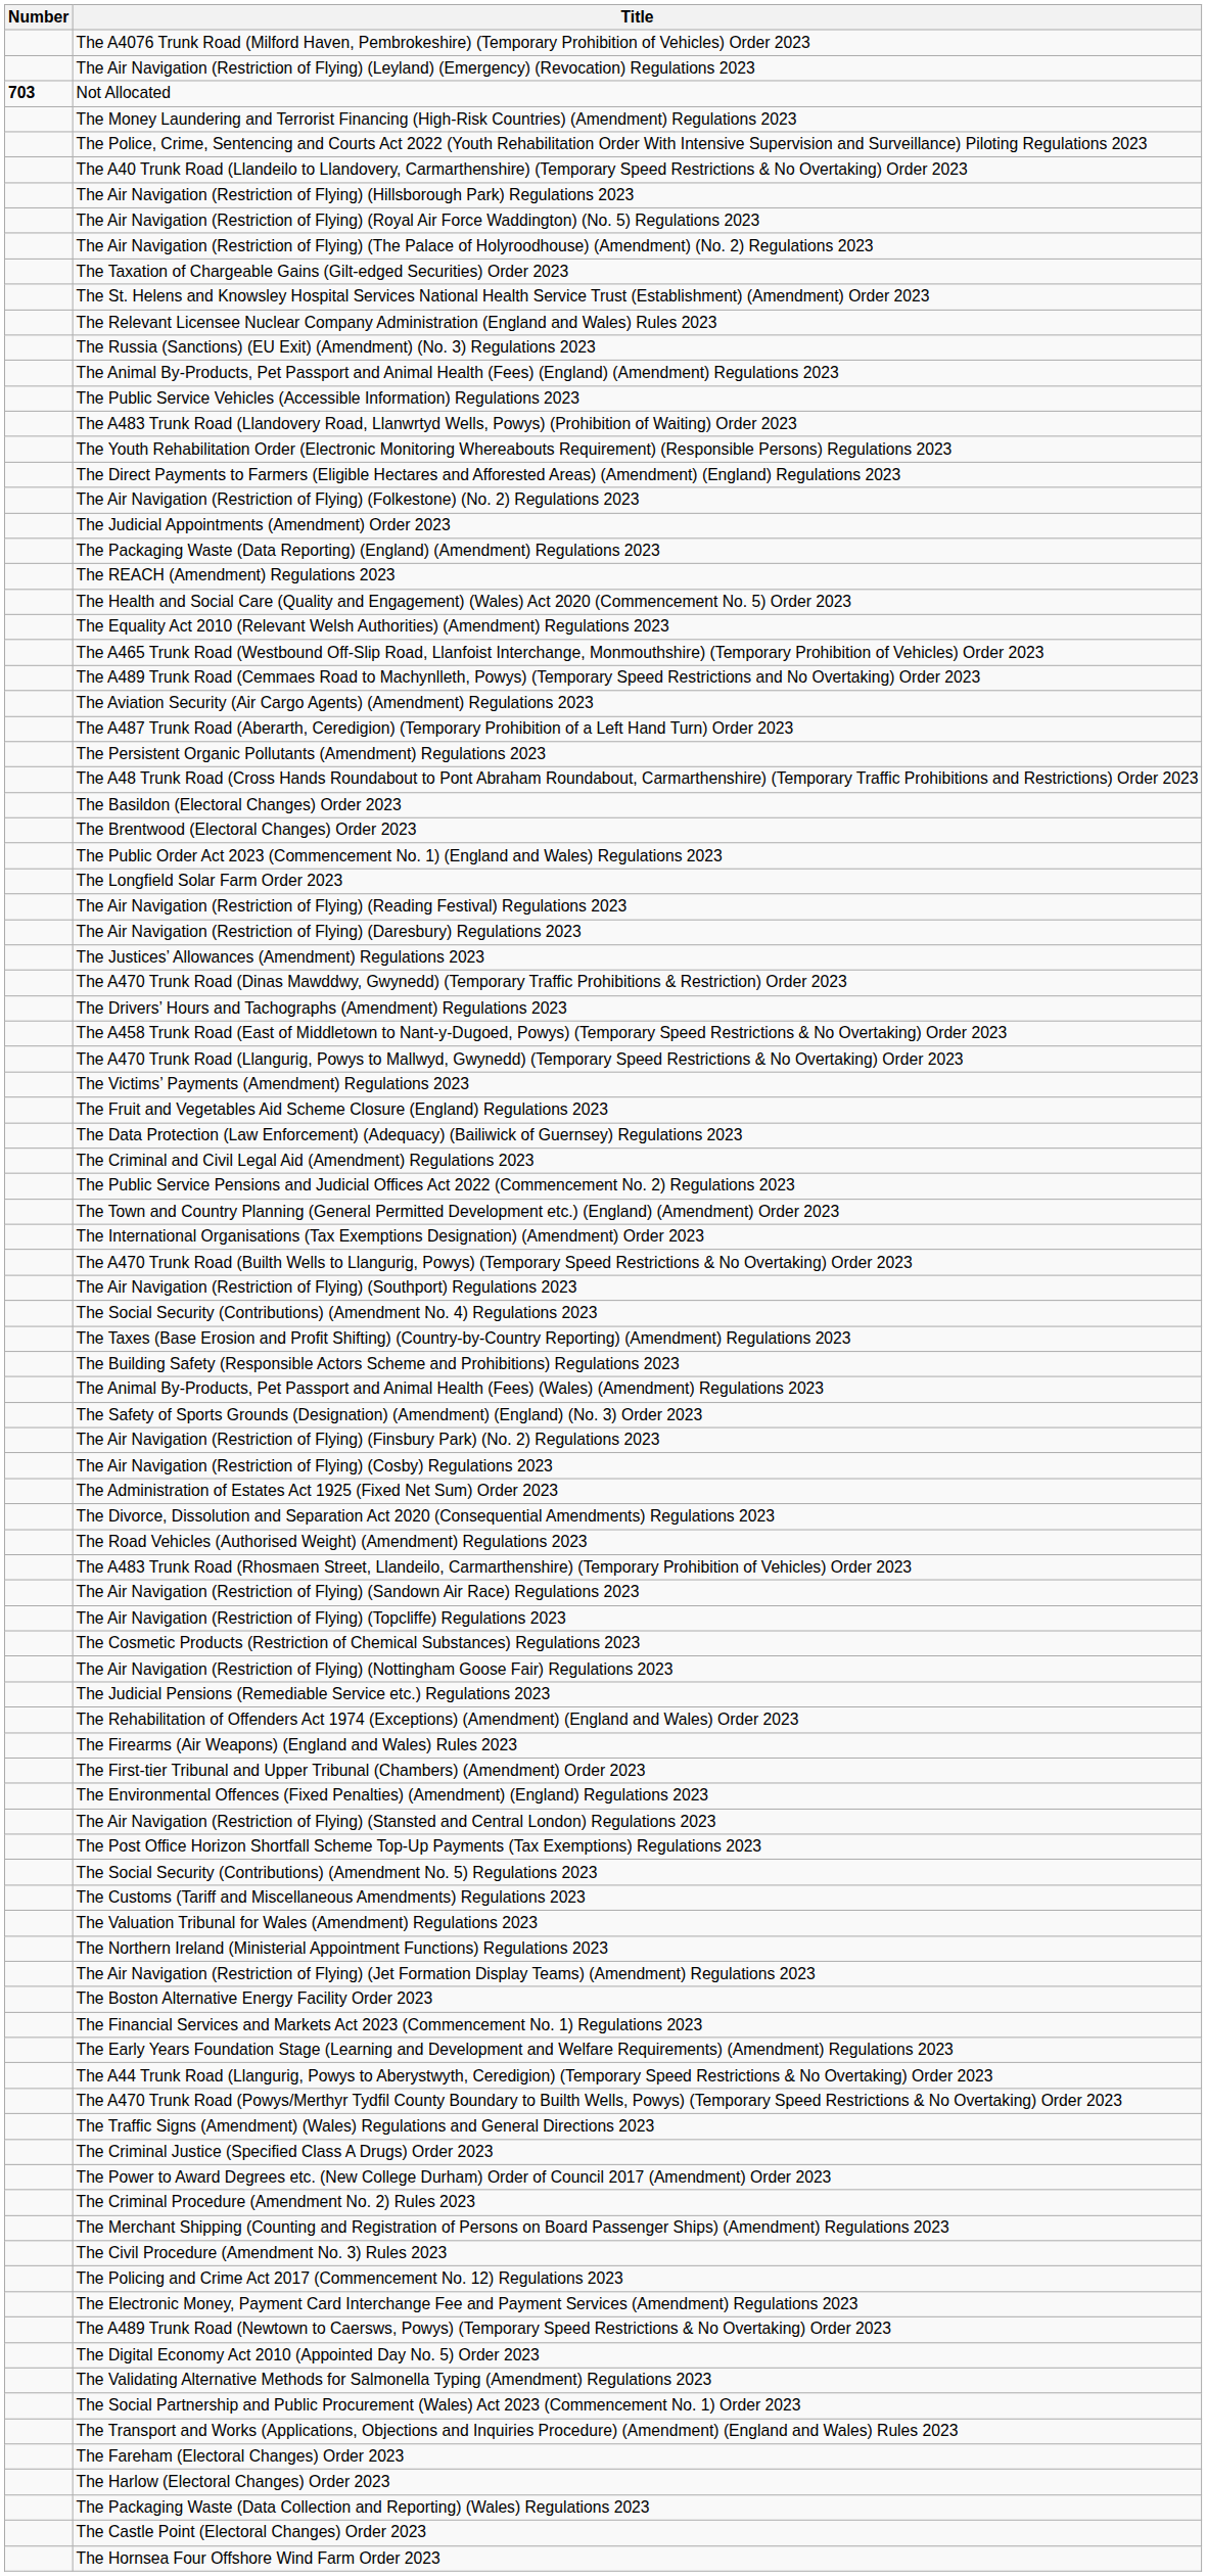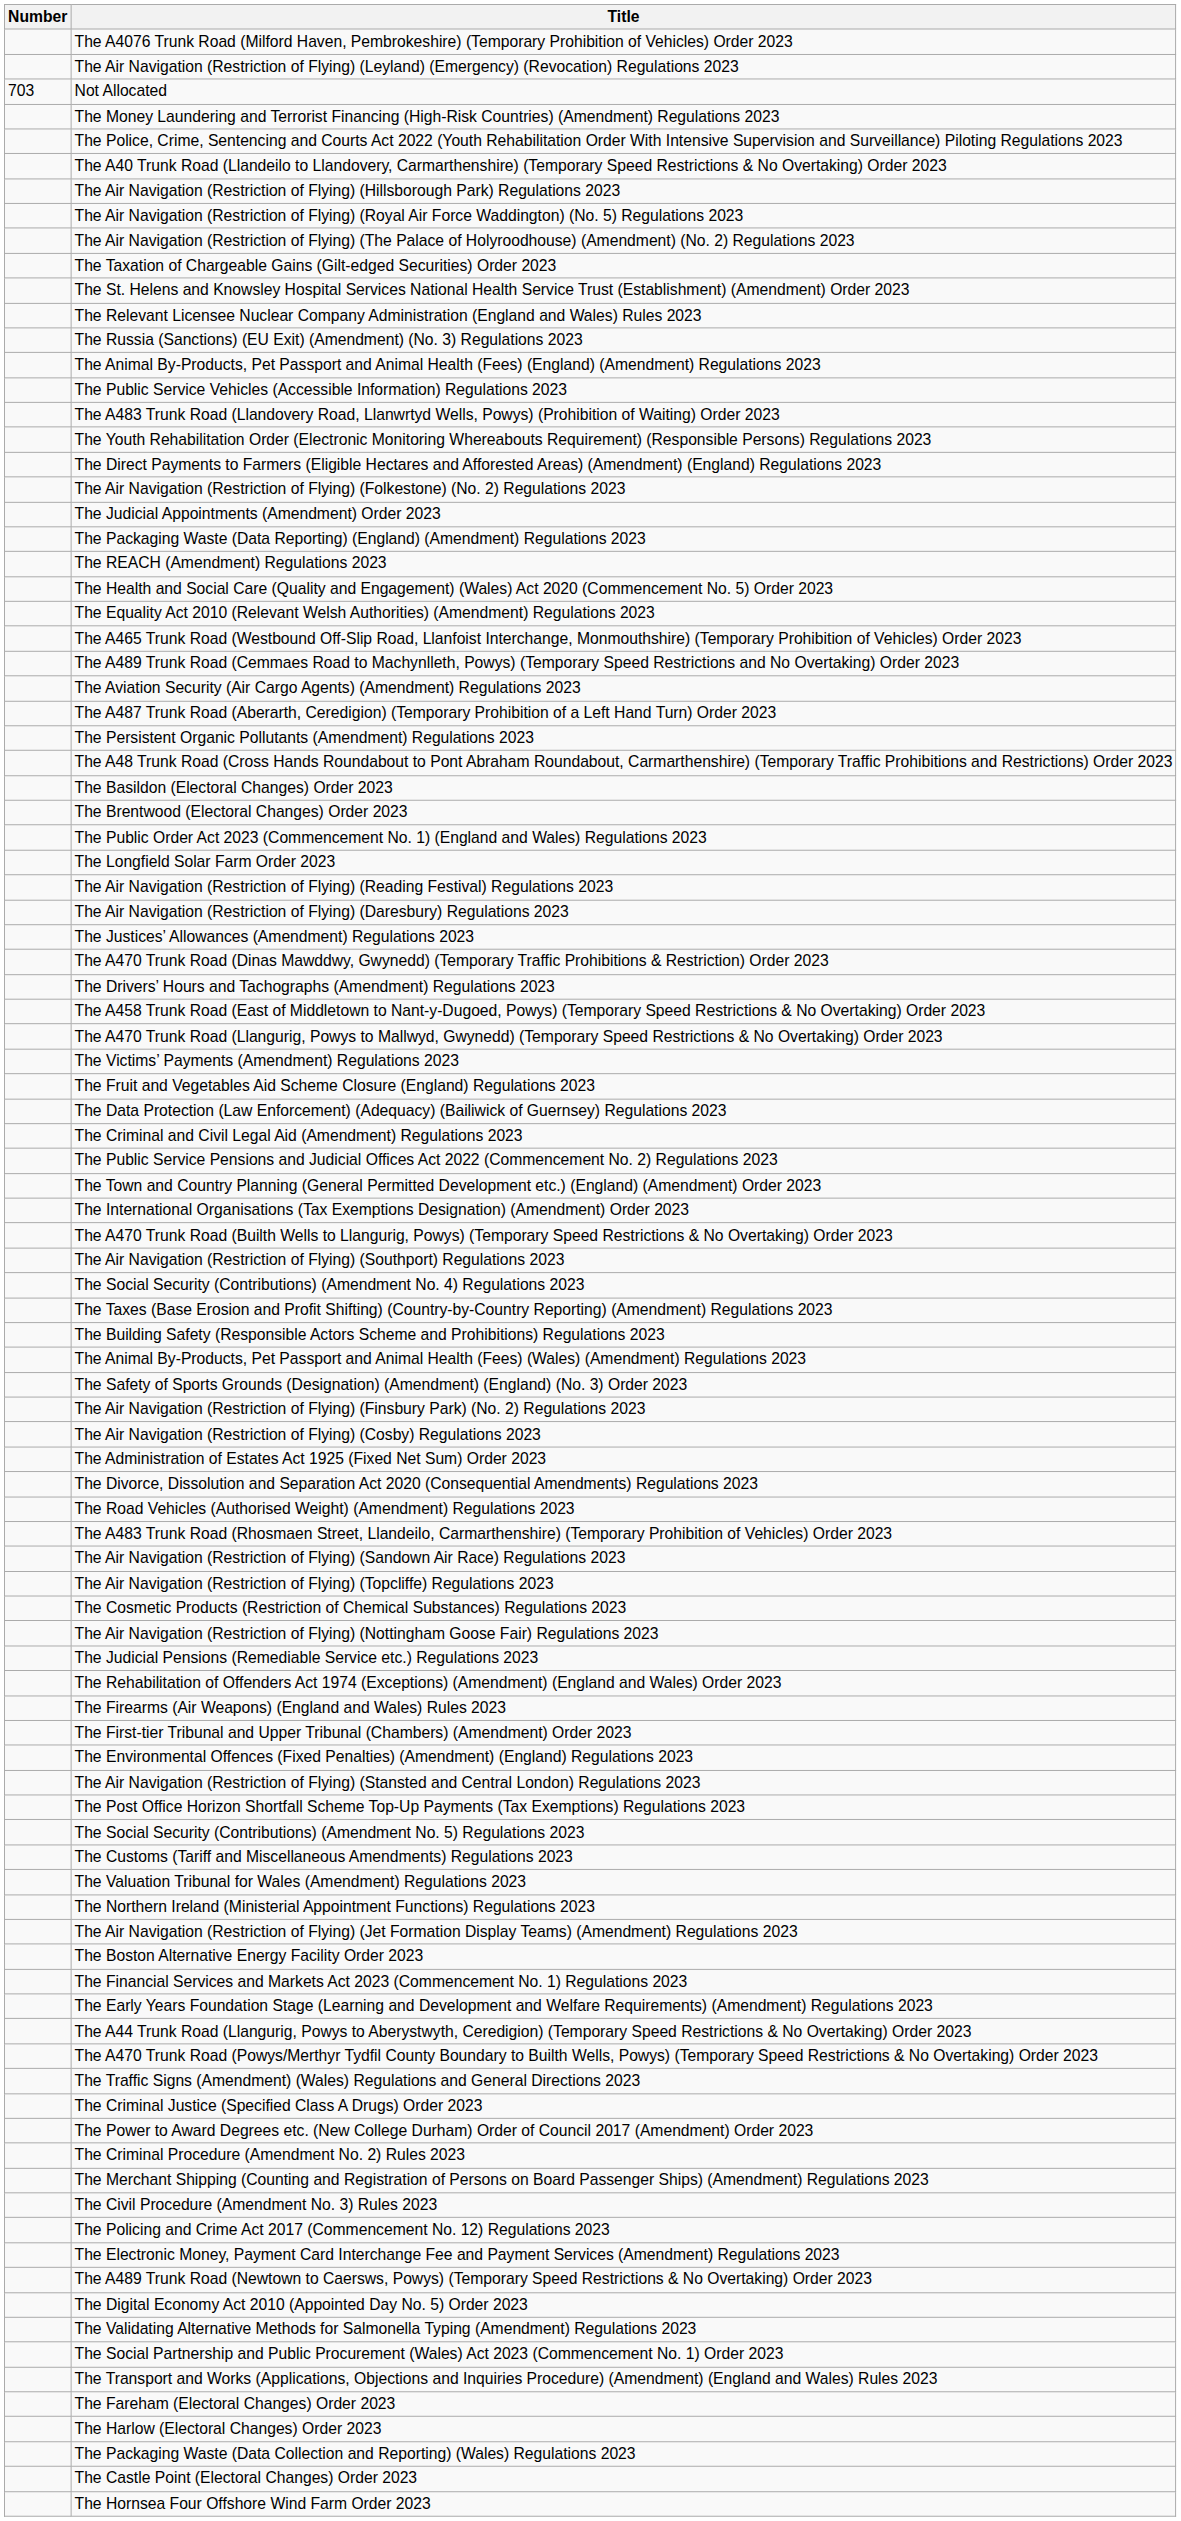 <table class="wikitable collapsible">
 <tr>
 <th>Number</th>
 <th>Title</th>
 </tr>
 <tr>
 <td></td>
 <td>The A4076 Trunk Road (Milford Haven, Pembrokeshire) (Temporary Prohibition of Vehicles) Order 2023</td>
 </tr>
 <tr>
 <td></td>
 <td>The Air Navigation (Restriction of Flying) (Leyland) (Emergency) (Revocation) Regulations 2023</td>
 </tr>
 <tr>
-<td><strong>703</strong></td>
+<td>703</td>
 <td>Not Allocated</td>
 </tr>
 <tr>
 <td></td>
 <td>The Money Laundering and Terrorist Financing (High-Risk Countries) (Amendment) Regulations 2023</td>
 </tr>
 <tr>
 <td></td>
 <td>The Police, Crime, Sentencing and Courts Act 2022 (Youth Rehabilitation Order With Intensive Supervision and Surveillance) Piloting Regulations 2023</td>
 </tr>
 <tr>
 <td></td>
 <td>The A40 Trunk Road (Llandeilo to Llandovery, Carmarthenshire) (Temporary Speed Restrictions & No Overtaking) Order 2023</td>
 </tr>
 <tr>
 <td></td>
 <td>The Air Navigation (Restriction of Flying) (Hillsborough Park) Regulations 2023</td>
 </tr>
 <tr>
 <td></td>
 <td>The Air Navigation (Restriction of Flying) (Royal Air Force Waddington) (No. 5) Regulations 2023</td>
 </tr>
 <tr>
 <td></td>
 <td>The Air Navigation (Restriction of Flying) (The Palace of Holyroodhouse) (Amendment) (No. 2) Regulations 2023</td>
 </tr>
 <tr>
 <td></td>
 <td>The Taxation of Chargeable Gains (Gilt-edged Securities) Order 2023</td>
 </tr>
 <tr>
 <td></td>
 <td>The St. Helens and Knowsley Hospital Services National Health Service Trust (Establishment) (Amendment) Order 2023</td>
 </tr>
 <tr>
 <td></td>
 <td>The Relevant Licensee Nuclear Company Administration (England and Wales) Rules 2023</td>
 </tr>
 <tr>
 <td></td>
 <td>The Russia (Sanctions) (EU Exit) (Amendment) (No. 3) Regulations 2023</td>
 </tr>
 <tr>
 <td></td>
 <td>The Animal By-Products, Pet Passport and Animal Health (Fees) (England) (Amendment) Regulations 2023</td>
 </tr>
 <tr>
 <td></td>
 <td>The Public Service Vehicles (Accessible Information) Regulations 2023</td>
 </tr>
 <tr>
 <td></td>
 <td>The A483 Trunk Road (Llandovery Road, Llanwrtyd Wells, Powys) (Prohibition of Waiting) Order 2023</td>
 </tr>
 <tr>
 <td></td>
 <td>The Youth Rehabilitation Order (Electronic Monitoring Whereabouts Requirement) (Responsible Persons) Regulations 2023</td>
 </tr>
 <tr>
 <td></td>
 <td>The Direct Payments to Farmers (Eligible Hectares and Afforested Areas) (Amendment) (England) Regulations 2023</td>
 </tr>
 <tr>
 <td></td>
 <td>The Air Navigation (Restriction of Flying) (Folkestone) (No. 2) Regulations 2023</td>
 </tr>
 <tr>
 <td></td>
 <td>The Judicial Appointments (Amendment) Order 2023</td>
 </tr>
 <tr>
 <td></td>
 <td>The Packaging Waste (Data Reporting) (England) (Amendment) Regulations 2023</td>
 </tr>
 <tr>
 <td></td>
 <td>The REACH (Amendment) Regulations 2023</td>
 </tr>
 <tr>
 <td></td>
 <td>The Health and Social Care (Quality and Engagement) (Wales) Act 2020 (Commencement No. 5) Order 2023</td>
 </tr>
 <tr>
 <td></td>
 <td>The Equality Act 2010 (Relevant Welsh Authorities) (Amendment) Regulations 2023</td>
 </tr>
 <tr>
 <td></td>
 <td>The A465 Trunk Road (Westbound Off-Slip Road, Llanfoist Interchange, Monmouthshire) (Temporary Prohibition of Vehicles) Order 2023</td>
 </tr>
 <tr>
 <td></td>
 <td>The A489 Trunk Road (Cemmaes Road to Machynlleth, Powys) (Temporary Speed Restrictions and No Overtaking) Order 2023</td>
 </tr>
 <tr>
 <td></td>
 <td>The Aviation Security (Air Cargo Agents) (Amendment) Regulations 2023</td>
 </tr>
 <tr>
 <td></td>
 <td>The A487 Trunk Road (Aberarth, Ceredigion) (Temporary Prohibition of a Left Hand Turn) Order 2023</td>
 </tr>
 <tr>
 <td></td>
 <td>The Persistent Organic Pollutants (Amendment) Regulations 2023</td>
 </tr>
 <tr>
 <td></td>
 <td>The A48 Trunk Road (Cross Hands Roundabout to Pont Abraham Roundabout, Carmarthenshire) (Temporary Traffic Prohibitions and Restrictions) Order 2023</td>
 </tr>
 <tr>
 <td></td>
 <td>The Basildon (Electoral Changes) Order 2023</td>
 </tr>
 <tr>
 <td></td>
 <td>The Brentwood (Electoral Changes) Order 2023</td>
 </tr>
 <tr>
 <td></td>
 <td>The Public Order Act 2023 (Commencement No. 1) (England and Wales) Regulations 2023</td>
 </tr>
 <tr>
 <td></td>
 <td>The Longfield Solar Farm Order 2023</td>
 </tr>
 <tr>
 <td></td>
 <td>The Air Navigation (Restriction of Flying) (Reading Festival) Regulations 2023</td>
 </tr>
 <tr>
 <td></td>
 <td>The Air Navigation (Restriction of Flying) (Daresbury) Regulations 2023</td>
 </tr>
 <tr>
 <td></td>
 <td>The Justices’ Allowances (Amendment) Regulations 2023</td>
 </tr>
 <tr>
 <td></td>
 <td>The A470 Trunk Road (Dinas Mawddwy, Gwynedd) (Temporary Traffic Prohibitions & Restriction) Order 2023</td>
 </tr>
 <tr>
 <td></td>
 <td>The Drivers’ Hours and Tachographs (Amendment) Regulations 2023</td>
 </tr>
 <tr>
 <td></td>
 <td>The A458 Trunk Road (East of Middletown to Nant-y-Dugoed, Powys) (Temporary Speed Restrictions & No Overtaking) Order 2023</td>
 </tr>
 <tr>
 <td></td>
 <td>The A470 Trunk Road (Llangurig, Powys to Mallwyd, Gwynedd) (Temporary Speed Restrictions & No Overtaking) Order 2023</td>
 </tr>
 <tr>
 <td></td>
 <td>The Victims’ Payments (Amendment) Regulations 2023</td>
 </tr>
 <tr>
 <td></td>
 <td>The Fruit and Vegetables Aid Scheme Closure (England) Regulations 2023</td>
 </tr>
 <tr>
 <td></td>
 <td>The Data Protection (Law Enforcement) (Adequacy) (Bailiwick of Guernsey) Regulations 2023</td>
 </tr>
 <tr>
 <td></td>
 <td>The Criminal and Civil Legal Aid (Amendment) Regulations 2023</td>
 </tr>
 <tr>
 <td></td>
 <td>The Public Service Pensions and Judicial Offices Act 2022 (Commencement No. 2) Regulations 2023</td>
 </tr>
 <tr>
 <td></td>
 <td>The Town and Country Planning (General Permitted Development etc.) (England) (Amendment) Order 2023</td>
 </tr>
 <tr>
 <td></td>
 <td>The International Organisations (Tax Exemptions Designation) (Amendment) Order 2023</td>
 </tr>
 <tr>
 <td></td>
 <td>The A470 Trunk Road (Builth Wells to Llangurig, Powys) (Temporary Speed Restrictions & No Overtaking) Order 2023</td>
 </tr>
 <tr>
 <td></td>
 <td>The Air Navigation (Restriction of Flying) (Southport) Regulations 2023</td>
 </tr>
 <tr>
 <td></td>
 <td>The Social Security (Contributions) (Amendment No. 4) Regulations 2023</td>
 </tr>
 <tr>
 <td></td>
 <td>The Taxes (Base Erosion and Profit Shifting) (Country-by-Country Reporting) (Amendment) Regulations 2023</td>
 </tr>
 <tr>
 <td></td>
 <td>The Building Safety (Responsible Actors Scheme and Prohibitions) Regulations 2023</td>
 </tr>
 <tr>
 <td></td>
 <td>The Animal By-Products, Pet Passport and Animal Health (Fees) (Wales) (Amendment) Regulations 2023</td>
 </tr>
 <tr>
 <td></td>
 <td>The Safety of Sports Grounds (Designation) (Amendment) (England) (No. 3) Order 2023</td>
 </tr>
 <tr>
 <td></td>
 <td>The Air Navigation (Restriction of Flying) (Finsbury Park) (No. 2) Regulations 2023</td>
 </tr>
 <tr>
 <td></td>
 <td>The Air Navigation (Restriction of Flying) (Cosby) Regulations 2023</td>
 </tr>
 <tr>
 <td></td>
 <td>The Administration of Estates Act 1925 (Fixed Net Sum) Order 2023</td>
 </tr>
 <tr>
 <td></td>
 <td>The Divorce, Dissolution and Separation Act 2020 (Consequential Amendments) Regulations 2023</td>
 </tr>
 <tr>
 <td></td>
 <td>The Road Vehicles (Authorised Weight) (Amendment) Regulations 2023</td>
 </tr>
 <tr>
 <td></td>
 <td>The A483 Trunk Road (Rhosmaen Street, Llandeilo, Carmarthenshire) (Temporary Prohibition of Vehicles) Order 2023</td>
 </tr>
 <tr>
 <td></td>
 <td>The Air Navigation (Restriction of Flying) (Sandown Air Race) Regulations 2023</td>
 </tr>
 <tr>
 <td></td>
 <td>The Air Navigation (Restriction of Flying) (Topcliffe) Regulations 2023</td>
 </tr>
 <tr>
 <td></td>
 <td>The Cosmetic Products (Restriction of Chemical Substances) Regulations 2023</td>
 </tr>
 <tr>
 <td></td>
 <td>The Air Navigation (Restriction of Flying) (Nottingham Goose Fair) Regulations 2023</td>
 </tr>
 <tr>
 <td></td>
 <td>The Judicial Pensions (Remediable Service etc.) Regulations 2023</td>
 </tr>
 <tr>
 <td></td>
 <td>The Rehabilitation of Offenders Act 1974 (Exceptions) (Amendment) (England and Wales) Order 2023</td>
 </tr>
 <tr>
 <td></td>
 <td>The Firearms (Air Weapons) (England and Wales) Rules 2023</td>
 </tr>
 <tr>
 <td></td>
 <td>The First-tier Tribunal and Upper Tribunal (Chambers) (Amendment) Order 2023</td>
 </tr>
 <tr>
 <td></td>
 <td>The Environmental Offences (Fixed Penalties) (Amendment) (England) Regulations 2023</td>
 </tr>
 <tr>
 <td></td>
 <td>The Air Navigation (Restriction of Flying) (Stansted and Central London) Regulations 2023</td>
 </tr>
 <tr>
 <td></td>
 <td>The Post Office Horizon Shortfall Scheme Top-Up Payments (Tax Exemptions) Regulations 2023</td>
 </tr>
 <tr>
 <td></td>
 <td>The Social Security (Contributions) (Amendment No. 5) Regulations 2023</td>
 </tr>
 <tr>
 <td></td>
 <td>The Customs (Tariff and Miscellaneous Amendments) Regulations 2023</td>
 </tr>
 <tr>
 <td></td>
 <td>The Valuation Tribunal for Wales (Amendment) Regulations 2023</td>
 </tr>
 <tr>
 <td></td>
 <td>The Northern Ireland (Ministerial Appointment Functions) Regulations 2023</td>
 </tr>
 <tr>
 <td></td>
 <td>The Air Navigation (Restriction of Flying) (Jet Formation Display Teams) (Amendment) Regulations 2023</td>
 </tr>
 <tr>
 <td></td>
 <td>The Boston Alternative Energy Facility Order 2023</td>
 </tr>
 <tr>
 <td></td>
 <td>The Financial Services and Markets Act 2023 (Commencement No. 1) Regulations 2023</td>
 </tr>
 <tr>
 <td></td>
 <td>The Early Years Foundation Stage (Learning and Development and Welfare Requirements) (Amendment) Regulations 2023</td>
 </tr>
 <tr>
 <td></td>
 <td>The A44 Trunk Road (Llangurig, Powys to Aberystwyth, Ceredigion) (Temporary Speed Restrictions & No Overtaking) Order 2023</td>
 </tr>
 <tr>
 <td></td>
 <td>The A470 Trunk Road (Powys/Merthyr Tydfil County Boundary to Builth Wells, Powys) (Temporary Speed Restrictions & No Overtaking) Order 2023</td>
 </tr>
 <tr>
 <td></td>
 <td>The Traffic Signs (Amendment) (Wales) Regulations and General Directions 2023</td>
 </tr>
 <tr>
 <td></td>
 <td>The Criminal Justice (Specified Class A Drugs) Order 2023</td>
 </tr>
 <tr>
 <td></td>
 <td>The Power to Award Degrees etc. (New College Durham) Order of Council 2017 (Amendment) Order 2023</td>
 </tr>
 <tr>
 <td></td>
 <td>The Criminal Procedure (Amendment No. 2) Rules 2023</td>
 </tr>
 <tr>
 <td></td>
 <td>The Merchant Shipping (Counting and Registration of Persons on Board Passenger Ships) (Amendment) Regulations 2023</td>
 </tr>
 <tr>
 <td></td>
 <td>The Civil Procedure (Amendment No. 3) Rules 2023</td>
 </tr>
 <tr>
 <td></td>
 <td>The Policing and Crime Act 2017 (Commencement No. 12) Regulations 2023</td>
 </tr>
 <tr>
 <td></td>
 <td>The Electronic Money, Payment Card Interchange Fee and Payment Services (Amendment) Regulations 2023</td>
 </tr>
 <tr>
 <td></td>
 <td>The A489 Trunk Road (Newtown to Caersws, Powys) (Temporary Speed Restrictions & No Overtaking) Order 2023</td>
 </tr>
 <tr>
 <td></td>
 <td>The Digital Economy Act 2010 (Appointed Day No. 5) Order 2023</td>
 </tr>
 <tr>
 <td></td>
 <td>The Validating Alternative Methods for Salmonella Typing (Amendment) Regulations 2023</td>
 </tr>
 <tr>
 <td></td>
 <td>The Social Partnership and Public Procurement (Wales) Act 2023 (Commencement No. 1) Order 2023</td>
 </tr>
 <tr>
 <td></td>
 <td>The Transport and Works (Applications, Objections and Inquiries Procedure) (Amendment) (England and Wales) Rules 2023</td>
 </tr>
 <tr>
 <td></td>
 <td>The Fareham (Electoral Changes) Order 2023</td>
 </tr>
 <tr>
 <td></td>
 <td>The Harlow (Electoral Changes) Order 2023</td>
 </tr>
 <tr>
 <td></td>
 <td>The Packaging Waste (Data Collection and Reporting) (Wales) Regulations 2023</td>
 </tr>
 <tr>
 <td></td>
 <td>The Castle Point (Electoral Changes) Order 2023</td>
 </tr>
 <tr>
 <td></td>
 <td>The Hornsea Four Offshore Wind Farm Order 2023</td>
 </tr>
 </table>
